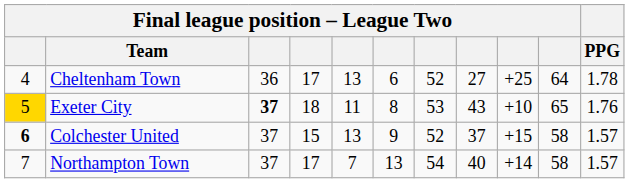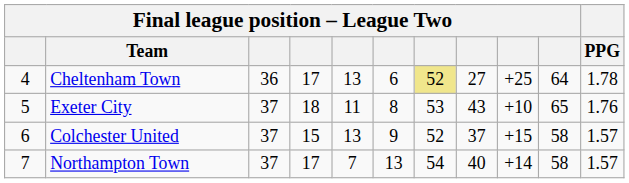 <table class="wikitable" style="text-align:center">
 <tr>
 <th colspan="10"><big>Final league position – League Two</big></th>
 <th></th>
 </tr>
 <tr>
 <th width="30"></th>
 <th width="175">Team</th>
 <th width="30"></th>
 <th width="30"></th>
 <th width="30"></th>
 <th width="30"></th>
 <th width="30"></th>
 <th width="30"></th>
 <th width="30"></th>
 <th width="30"></th>
 <th>PPG</th>
 </tr>
 <tr>
 <td>4</td>
 <td align="left"><a href='#'>Cheltenham Town</a></td>
 <td>36</td>
 <td>17</td>
 <td>13</td>
 <td>6</td>
-<td>52</td>
+<td style="background: khaki;">52</td>
 <td>27</td>
 <td>+25</td>
 <td>64</td>
 <td>1.78</td>
 </tr>
 <tr>
-<td style="background: gold;">5</td>
+<td>5</td>
 <td align="left"><a href='#'>Exeter City</a></td>
-<td><strong>37</strong></td>
+<td>37</td>
 <td>18</td>
 <td>11</td>
 <td>8</td>
 <td>53</td>
 <td>43</td>
 <td>+10</td>
 <td>65</td>
 <td>1.76</td>
 </tr>
 <tr>
-<td><strong>6</strong></td>
+<td>6</td>
 <td align="left"><a href='#'>Colchester United</a></td>
 <td>37</td>
 <td>15</td>
 <td>13</td>
 <td>9</td>
 <td>52</td>
 <td>37</td>
 <td>+15</td>
 <td>58</td>
 <td>1.57</td>
 </tr>
 <tr>
 <td>7</td>
 <td align="left"><a href='#'>Northampton Town</a></td>
 <td>37</td>
 <td>17</td>
 <td>7</td>
 <td>13</td>
 <td>54</td>
 <td>40</td>
 <td>+14</td>
 <td>58</td>
 <td>1.57</td>
 </tr>
 </table>
